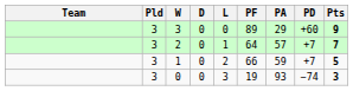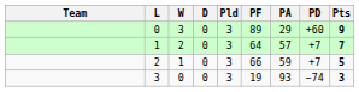 <table class="wikitable" style="text-align:center;">
 <tr>
 <th width=175>Team</th>
-<th width=25 abbr="Played">Pld</th>
+<th width=25 abbr="Lost">L</th>
 <th width=25 abbr="Won">W</th>
 <th width=25 abbr="Drawn">D</th>
-<th width=25 abbr="Lost">L</th>
+<th width=25 abbr="Played">Pld</th>
 <th width=32 abbr="Points for">PF</th>
 <th width=32 abbr="Points against">PA</th>
 <th width=32 abbr="Points difference">PD</th>
 <th width=25 abbr="Points">Pts</th>
 </tr>
 <tr bgcolor=ccffcc>
 <td align=left></td>
-<td>3</td>
+<td>0</td>
 <td>3</td>
 <td>0</td>
-<td>0</td>
+<td>3</td>
 <td>89</td>
 <td>29</td>
 <td>+60</td>
 <td><strong>9</strong></td>
 </tr>
 <tr bgcolor=ccffcc>
 <td align=left></td>
-<td>3</td>
+<td>1</td>
 <td>2</td>
 <td>0</td>
-<td>1</td>
+<td>3</td>
 <td>64</td>
 <td>57</td>
 <td>+7</td>
 <td><strong>7</strong></td>
 </tr>
 <tr>
 <td align=left></td>
-<td>3</td>
+<td>2</td>
 <td>1</td>
 <td>0</td>
-<td>2</td>
+<td>3</td>
 <td>66</td>
 <td>59</td>
 <td>+7</td>
 <td><strong>5</strong></td>
 </tr>
 <tr>
 <td align=left></td>
 <td>3</td>
 <td>0</td>
 <td>0</td>
 <td>3</td>
 <td>19</td>
 <td>93</td>
 <td>−74</td>
 <td><strong>3</strong></td>
 </tr>
 </table>
